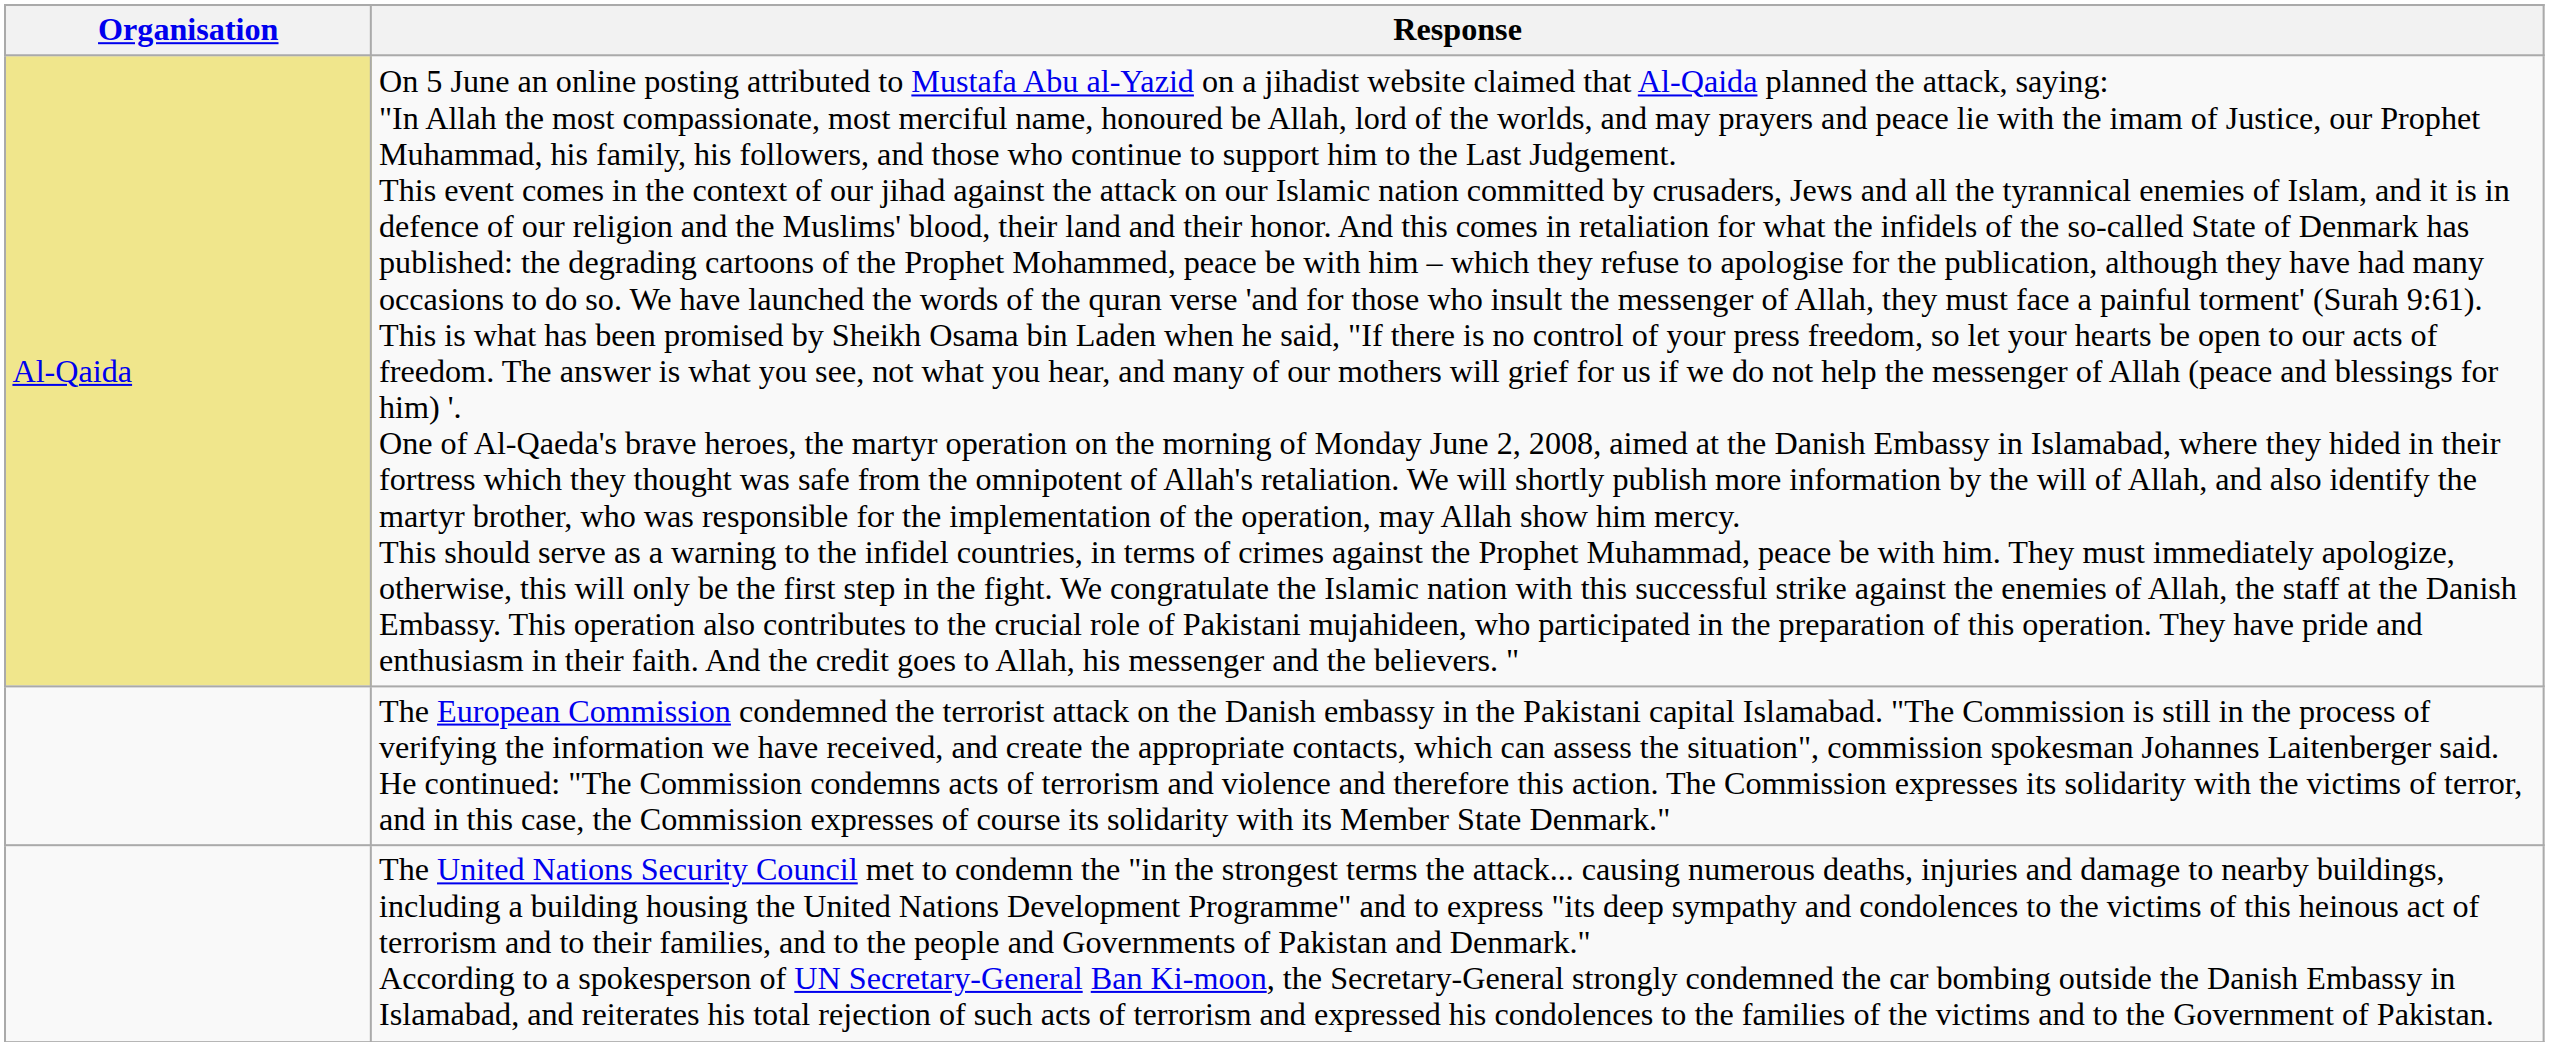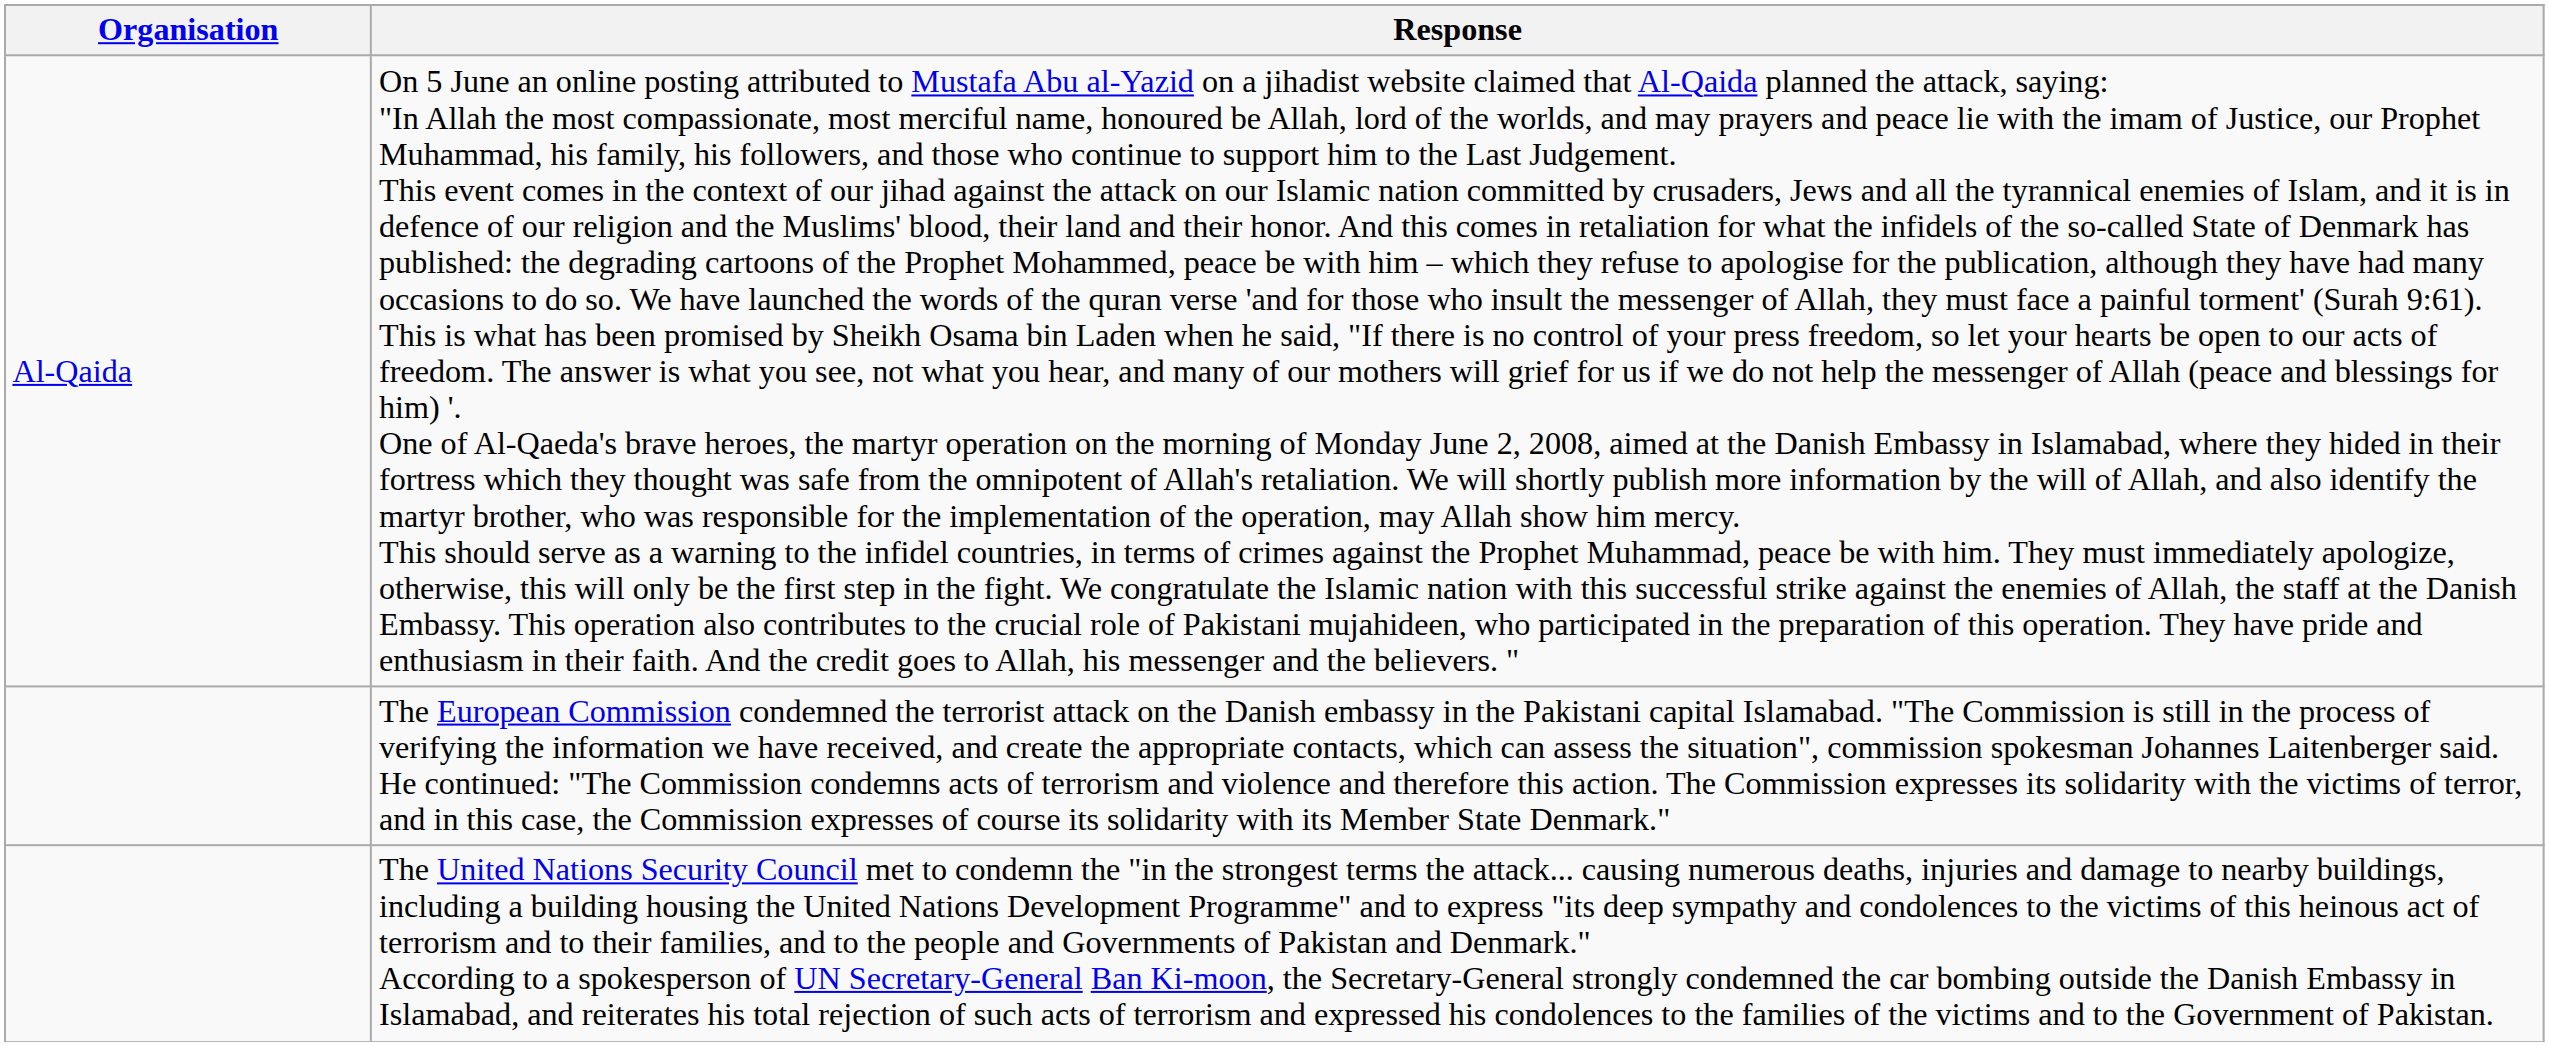 <table class="wikitable"  style="margin:auto; width:100%;">
 <tr>
 <th style="width:175px;"><a href='#'>Organisation</a></th>
 <th>Response</th>
 </tr>
 <tr>
-<td style="background: khaki;"> <a href='#'>Al-Qaida</a></td>
+<td> <a href='#'>Al-Qaida</a></td>
 <td>On 5 June an online posting attributed to <a href='#'>Mustafa Abu al-Yazid</a> on a jihadist website claimed that <a href='#'>Al-Qaida</a> planned the attack, saying:<br>"In Allah the most compassionate, most merciful name, honoured be Allah, lord of the worlds, and may prayers and peace lie with the imam of Justice, our Prophet Muhammad, his family, his followers, and those who continue to support him to the Last Judgement.<br>This event comes in the context of our jihad against the attack on our Islamic nation committed by crusaders, Jews and all the tyrannical enemies of Islam, and it is in defence of our religion and the Muslims' blood, their land and their honor. And this comes in retaliation for what the infidels of the so-called State of Denmark has published: the degrading cartoons of the Prophet Mohammed, peace be with him – which they refuse to apologise for the publication, although they have had many occasions to do so. We have launched the words of the quran verse 'and for those who insult the messenger of Allah, they must face a painful torment' (Surah 9:61).<br>This is what has been promised by Sheikh Osama bin Laden when he said, "If there is no control of your press freedom, so let your hearts be open to our acts of freedom. The answer is what you see, not what you hear, and many of our mothers will grief for us if we do not help the messenger of Allah (peace and blessings for him) '.<br>One of Al-Qaeda's brave heroes, the martyr operation on the morning of Monday June 2, 2008, aimed at the Danish Embassy in Islamabad, where they hided in their fortress which they thought was safe from the omnipotent of Allah's retaliation. We will shortly publish more information by the will of Allah, and also identify the martyr brother, who was responsible for the implementation of the operation, may Allah show him mercy.<br>This should serve as a warning to the infidel countries, in terms of crimes against the Prophet Muhammad, peace be with him. They must immediately apologize, otherwise, this will only be the first step in the fight. We congratulate the Islamic nation with this successful strike against the enemies of Allah, the staff at the Danish Embassy. This operation also contributes to the crucial role of Pakistani mujahideen, who participated in the preparation of this operation. They have pride and enthusiasm in their faith. And the credit goes to Allah, his messenger and the believers. "</td>
 </tr>
 <tr>
 <td></td>
 <td>The <a href='#'>European Commission</a> condemned the terrorist attack on the Danish embassy in the Pakistani capital Islamabad. "The Commission is still in the process of verifying the information we have received, and create the appropriate contacts, which can assess the situation", commission spokesman Johannes Laitenberger said. He continued: "The Commission condemns acts of terrorism and violence and therefore this action. The Commission expresses its solidarity with the victims of terror, and in this case, the Commission expresses of course its solidarity with its Member State Denmark."</td>
 </tr>
 <tr>
 <td></td>
 <td>The <a href='#'>United Nations Security Council</a> met to condemn the "in the strongest terms the attack... causing numerous deaths, injuries and damage to nearby buildings, including a building housing the United Nations Development Programme" and to express "its deep sympathy and condolences to the victims of this heinous act of terrorism and to their families, and to the people and Governments of Pakistan and Denmark."<br>According to a spokesperson of <a href='#'>UN Secretary-General</a> <a href='#'>Ban Ki-moon</a>, the Secretary-General strongly condemned the car bombing outside the Danish Embassy in Islamabad, and reiterates his total rejection of such acts of terrorism and expressed his condolences to the families of the victims and to the Government of Pakistan.<br></td>
 </tr>
 </table>
